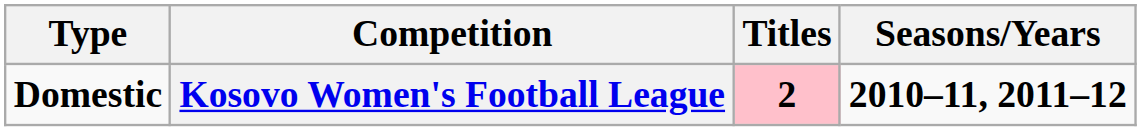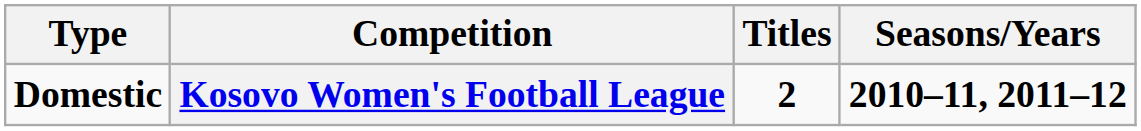 <table class="wikitable" style="text-align: center;">
 <tr>
 <th scope=col>Type</th>
 <th scope=col>Competition</th>
 <th scope=col>Titles</th>
 <th scope=col>Seasons/Years</th>
 </tr>
 <tr>
 <td rowspan="4"><strong>Domestic</strong></td>
 <th scope=col><a href='#'>Kosovo Women's Football League</a></th>
-<td align="center" style="background: pink;"><strong>2</strong></td>
+<td align="center"><strong>2</strong></td>
 <td><strong>2010–11, 2011–12</strong></td>
 </tr>
 </table>
